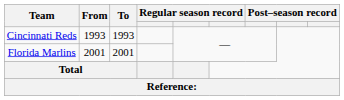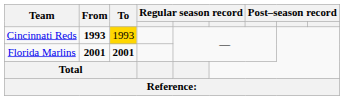 <table class="wikitable" Style="text-align: center;font-size:100%">
 <tr>
 <th rowspan="2">Team</th>
 <th rowspan="2">From</th>
 <th rowspan="2">To</th>
 <th colspan="3">Regular season record</th>
 <th colspan="3">Post–season record</th>
 </tr>
 <tr>
 <th></th>
 <th></th>
 <th></th>
 <th></th>
 <th></th>
 <th></th>
 </tr>
 <tr>
 <td><a href='#'>Cincinnati Reds</a></td>
-<td>1993</td>
-<td>1993</td>
+<td><strong>1993</strong></td>
+<td style="background: gold;">1993</td>
 <td></td>
 <td rowspan="2" colspan="3">—</td>
 </tr>
 <tr>
 <td><a href='#'>Florida Marlins</a></td>
-<td>2001</td>
-<td>2001</td>
+<td><strong>2001</strong></td>
+<td><strong>2001</strong></td>
 <td></td>
 </tr>
 <tr>
 <th colspan="3">Total</th>
 <th></th>
 <th></th>
 </tr>
 <tr>
 <th colspan="9">Reference:</th>
 </tr>
 </table>
